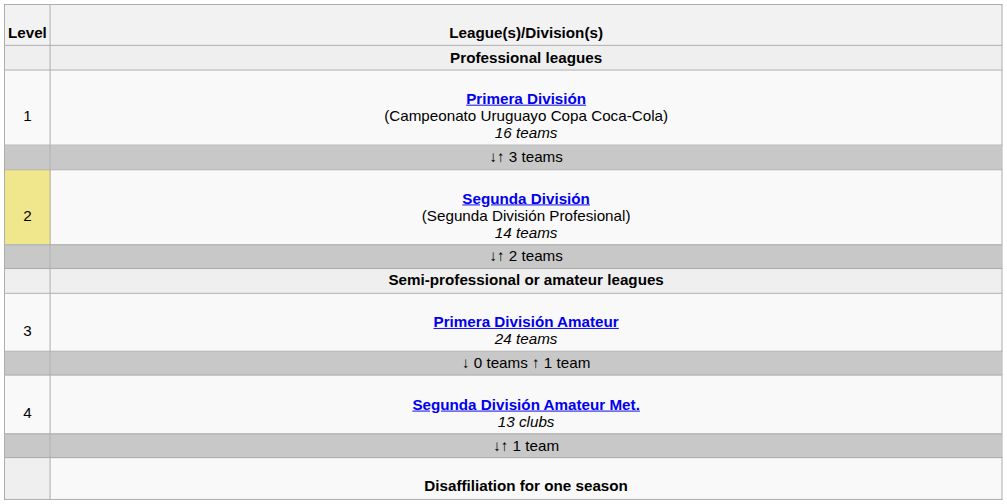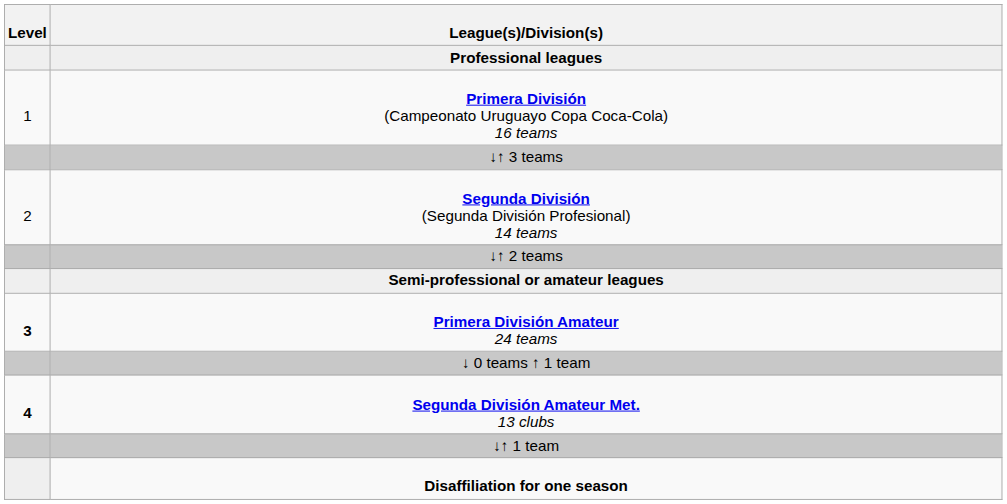 <table class="wikitable" style="text-align: center;">
 <tr south>
 <th width="4%"><br>Level</th>
 <th colspan="18" width="96%"><br>League(s)/Division(s)</th>
 </tr>
 <tr style="background:#efefef;">
 <td width="4.6%" align="center"></td>
 <td colspan="18" width="95.4%" style="text-align:center;"><strong>Professional leagues</strong></td>
 </tr>
 <tr>
 <td width="4%"><br>1</td>
 <td colspan="18" width="96%"><br><strong><a href='#'>Primera División</a></strong><br> (Campeonato Uruguayo Copa Coca-Cola)<br> <em>16 teams</em></td>
 </tr>
 <tr style="background:#c8c8c8">
 <td style="width:4%;"></td>
 <td colspan="18" style="width:96%;">↓↑ 3 teams</td>
 </tr>
 <tr>
-<td width="4%" style="background: khaki;"><br>2</td>
+<td width="4%"><br>2</td>
 <td colspan="18" width="96%"><br><strong><a href='#'>Segunda División</a></strong><br> (Segunda División Profesional)<br> <em>14 teams</em></td>
 </tr>
 <tr style="background:#c8c8c8">
 <td style="width:4%;"></td>
 <td colspan="18" style="width:96%;">↓↑ 2 teams</td>
 </tr>
 <tr style="background:#efefef;">
 <td width="4.6%" align="center"></td>
 <td colspan="18" width="95.4%" style="text-align:center;"><strong>Semi-professional or amateur leagues</strong></td>
 </tr>
 <tr>
-<td width="4%"><br>3</td>
+<td width="4%"><strong><br>3</strong></td>
 <td colspan="18" width="96%"><br><strong><a href='#'>Primera División Amateur</a></strong><br><em>24 teams</em></td>
 </tr>
 <tr style="background:#c8c8c8">
 <td style="width:4%;"></td>
 <td colspan="18" style="width:96%;">↓ 0 teams ↑ 1 team</td>
 </tr>
 <tr>
-<td width="4%"><br>4</td>
+<td width="4%"><strong><br>4</strong></td>
 <td colspan="18" width="96%"><br><strong><a href='#'>Segunda División Amateur Met.</a></strong><br><em>13 clubs</em></td>
 </tr>
 <tr style="background:#c8c8c8">
 <td style="width:4%;"></td>
 <td colspan="9" style="width:96%;">↓↑ 1 team</td>
 </tr>
 <tr>
 <td style="text-align:center; width:4%; background:#efefef;"></td>
 <td colspan="12"  style="width:96%; text-align:center;"><br><strong>Disaffiliation for one season</strong><br></td>
 </tr>
 </table>
